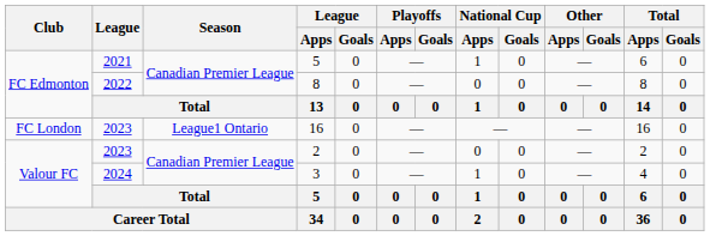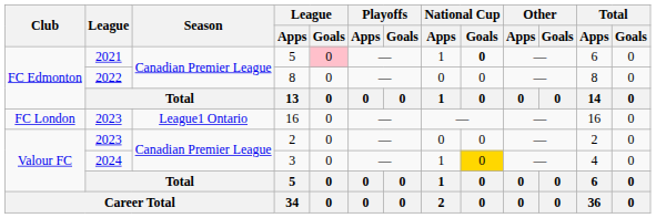 <table class="wikitable" style="text-align: center;">
 <tr>
 <th rowspan="2">Club</th>
 <th rowspan="2">League</th>
 <th rowspan="2">Season</th>
 <th colspan="2">League</th>
 <th colspan="2">Playoffs</th>
 <th colspan="2">National Cup</th>
 <th colspan="2">Other</th>
 <th colspan="2">Total</th>
 </tr>
 <tr>
 <th>Apps</th>
 <th>Goals</th>
 <th>Apps</th>
 <th>Goals</th>
 <th>Apps</th>
 <th>Goals</th>
 <th>Apps</th>
 <th>Goals</th>
 <th>Apps</th>
 <th>Goals</th>
 </tr>
 <tr>
 <td rowspan=3><a href='#'>FC Edmonton</a></td>
 <td><a href='#'>2021</a></td>
 <td rowspan=2><a href='#'>Canadian Premier League</a></td>
 <td>5</td>
-<td>0</td>
+<td style="background: pink;">0</td>
 <td colspan="2">—</td>
 <td>1</td>
-<td>0</td>
+<td><strong>0</strong></td>
 <td colspan="2">—</td>
 <td>6</td>
 <td>0</td>
 </tr>
 <tr>
 <td><a href='#'>2022</a></td>
 <td>8</td>
 <td>0</td>
 <td colspan="2">—</td>
 <td>0</td>
 <td>0</td>
 <td colspan="2">—</td>
 <td>8</td>
 <td>0</td>
 </tr>
 <tr>
 <th colspan="2">Total</th>
 <th>13</th>
 <th>0</th>
 <th>0</th>
 <th>0</th>
 <th>1</th>
 <th>0</th>
 <th>0</th>
 <th>0</th>
 <th>14</th>
 <th>0</th>
 </tr>
 <tr>
 <td><a href='#'>FC London</a></td>
 <td><a href='#'>2023</a></td>
 <td><a href='#'>League1 Ontario</a></td>
 <td>16</td>
 <td>0</td>
 <td colspan="2">—</td>
 <td colspan="2">—</td>
 <td colspan="2">—</td>
 <td>16</td>
 <td>0</td>
 </tr>
 <tr>
 <td rowspan=3><a href='#'>Valour FC</a></td>
 <td><a href='#'>2023</a></td>
 <td rowspan=2><a href='#'>Canadian Premier League</a></td>
 <td>2</td>
 <td>0</td>
 <td colspan="2">—</td>
 <td>0</td>
 <td>0</td>
 <td colspan="2">—</td>
 <td>2</td>
 <td>0</td>
 </tr>
 <tr>
 <td><a href='#'>2024</a></td>
 <td>3</td>
 <td>0</td>
 <td colspan="2">—</td>
 <td>1</td>
-<td>0</td>
+<td style="background: gold;">0</td>
 <td colspan="2">—</td>
 <td>4</td>
 <td>0</td>
 </tr>
 <tr>
 <th colspan="2">Total</th>
 <th>5</th>
 <th>0</th>
 <th>0</th>
 <th>0</th>
 <th>1</th>
 <th>0</th>
 <th>0</th>
 <th>0</th>
 <th>6</th>
 <th>0</th>
 </tr>
 <tr>
 <th colspan="3">Career Total</th>
 <th>34</th>
 <th>0</th>
 <th>0</th>
 <th>0</th>
 <th>2</th>
 <th>0</th>
 <th>0</th>
 <th>0</th>
 <th>36</th>
 <th>0</th>
 </tr>
 </table>
